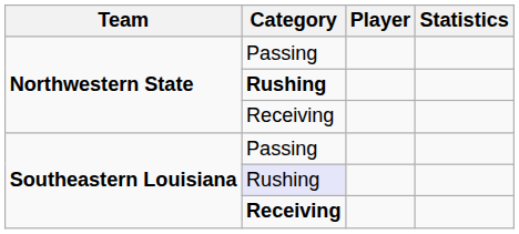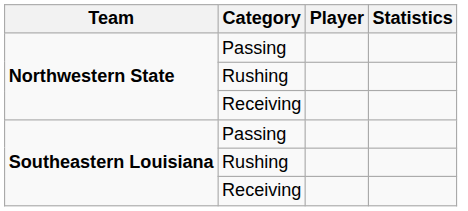 <table class="wikitable" style="float: left;">
 <tr>
 <th>Team</th>
 <th>Category</th>
 <th>Player</th>
 <th>Statistics</th>
 </tr>
 <tr>
 <td rowspan=3><strong>Northwestern State</strong></td>
 <td>Passing</td>
 <td> </td>
 <td> </td>
 </tr>
 <tr>
-<td><strong>Rushing</strong></td>
+<td>Rushing</td>
 <td> </td>
 <td> </td>
 </tr>
 <tr>
 <td>Receiving</td>
 <td> </td>
 <td> </td>
 </tr>
 <tr>
 <td rowspan=3><strong>Southeastern Louisiana</strong></td>
 <td>Passing</td>
 <td> </td>
 <td> </td>
 </tr>
 <tr>
-<td style="background: lavender;">Rushing</td>
+<td>Rushing</td>
 <td> </td>
 <td> </td>
 </tr>
 <tr>
-<td><strong>Receiving</strong></td>
+<td>Receiving</td>
 <td> </td>
 <td> </td>
 </tr>
 </table>
